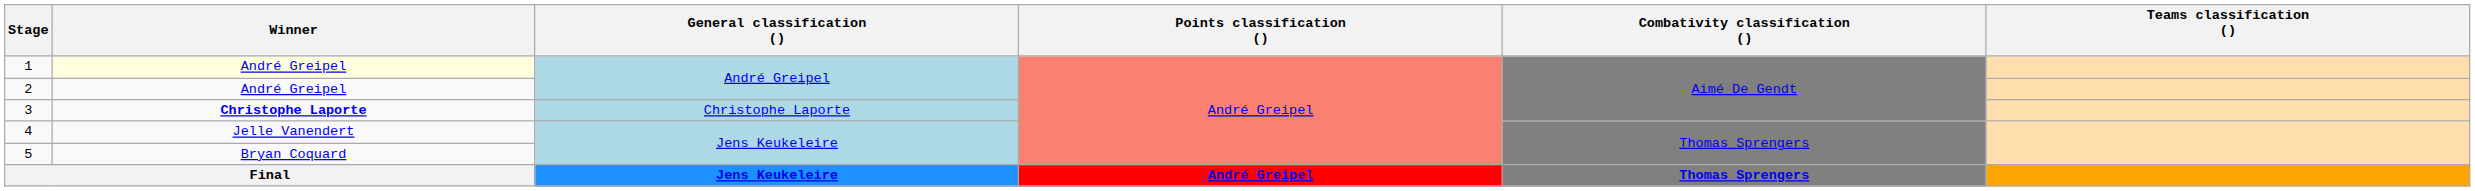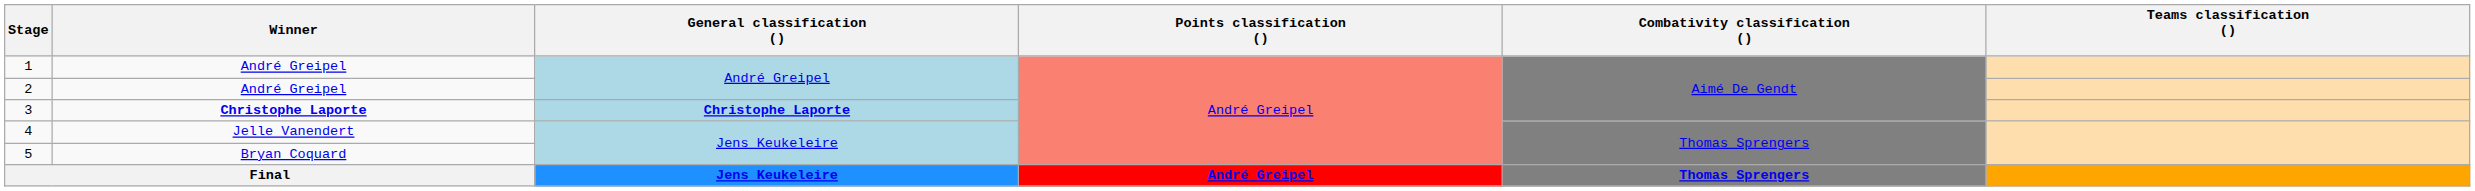 <table class="wikitable" style="text-align: center; font-size:smaller;">
 <tr style="background-color: #efefef;">
 <th width="1%">Stage</th>
 <th width="19.8%">Winner</th>
 <th width="19.8%">General classification<br>()<br></th>
 <th width="19.8%">Points classification<br>()<br></th>
 <th width="19.8%">Combativity classification<br>()<br></th>
 <th width="19.8%">Teams classification<br>()<br> </th>
 </tr>
 <tr>
 <td>1</td>
-<td style="background: lightyellow;"><a href='#'>André Greipel</a></td>
+<td><a href='#'>André Greipel</a></td>
 <td style="background:lightblue" rowspan=2><a href='#'>André Greipel</a></td>
 <td style="background:salmon;" rowspan=5><a href='#'>André Greipel</a></td>
 <td style="background:grey;" rowspan=3><a href='#'>Aimé De Gendt</a></td>
 <td style="background:navajowhite;"></td>
 </tr>
 <tr>
 <td>2</td>
 <td><a href='#'>André Greipel</a></td>
 <td style="background:navajowhite;"></td>
 </tr>
 <tr>
 <td>3</td>
 <td><strong><a href='#'>Christophe Laporte</a></strong></td>
-<td style="background:lightblue"><a href='#'>Christophe Laporte</a></td>
+<td style="background:lightblue"><strong><a href='#'>Christophe Laporte</a></strong></td>
 <td style="background:navajowhite;"></td>
 </tr>
 <tr>
 <td>4</td>
 <td><a href='#'>Jelle Vanendert</a></td>
 <td style="background:lightblue" rowspan=2><a href='#'>Jens Keukeleire</a></td>
 <td style="background:grey;" rowspan=2><a href='#'>Thomas Sprengers</a></td>
 <td style="background:navajowhite;" rowspan=2></td>
 </tr>
 <tr>
 <td>5</td>
 <td><a href='#'>Bryan Coquard</a></td>
 </tr>
 <tr>
 <th colspan=2>Final</th>
 <th style="background:dodgerblue;"><a href='#'>Jens Keukeleire</a></th>
 <th style="background:red;"><a href='#'>André Greipel</a></th>
 <th style="background:grey;"><a href='#'>Thomas Sprengers</a></th>
 <th style="background:orange;"></th>
 </tr>
 </table>
